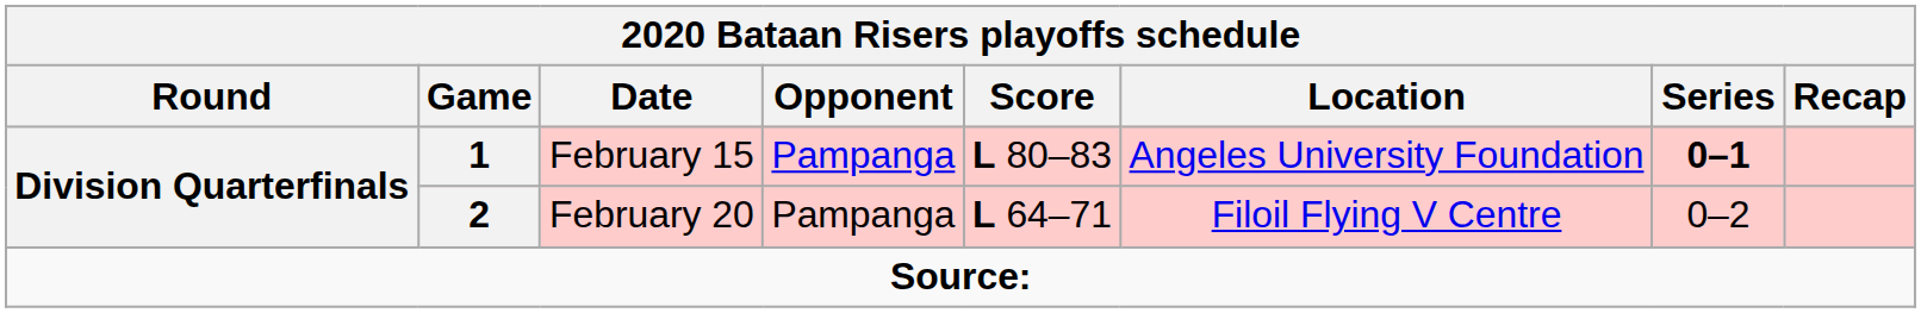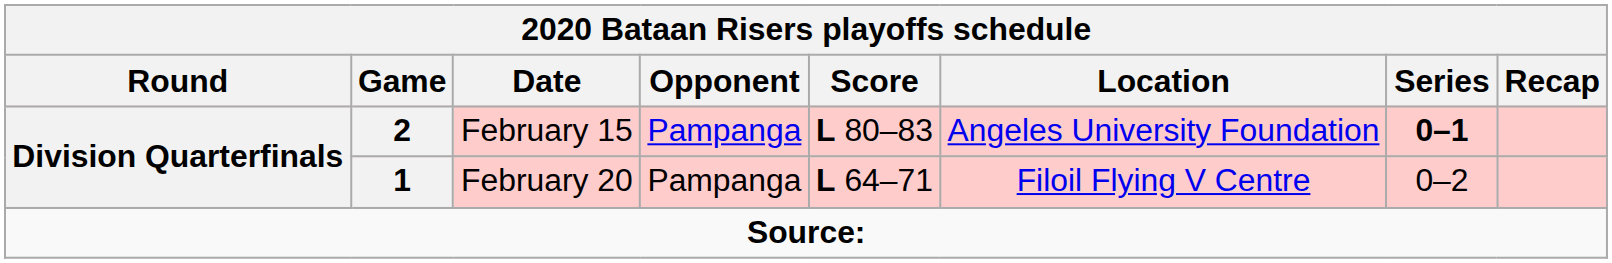 <table class="wikitable" style="text-align:center">
 <tr>
 <th colspan=8>2020 Bataan Risers playoffs schedule</th>
 </tr>
 <tr>
 <th>Round</th>
 <th>Game</th>
 <th>Date</th>
 <th>Opponent</th>
 <th>Score</th>
 <th>Location</th>
 <th>Series</th>
 <th>Recap<br></th>
 </tr>
 <tr style="background:#fcc">
 <th rowspan=2>Division Quarterfinals</th>
-<th>1</th>
+<th>2</th>
 <td>February 15</td>
 <td><a href='#'>Pampanga</a></td>
 <td><strong>L</strong> 80–83</td>
 <td><a href='#'>Angeles University Foundation</a></td>
 <td><strong>0–1</strong></td>
 <td></td>
 </tr>
 <tr style="background:#fcc">
-<th>2</th>
+<th>1</th>
 <td>February 20</td>
 <td>Pampanga</td>
 <td><strong>L</strong> 64–71</td>
 <td><a href='#'>Filoil Flying V Centre</a></td>
 <td>0–2</td>
 <td></td>
 </tr>
 <tr>
 <td colspan=8 align=center><strong>Source: </strong></td>
 </tr>
 </table>
